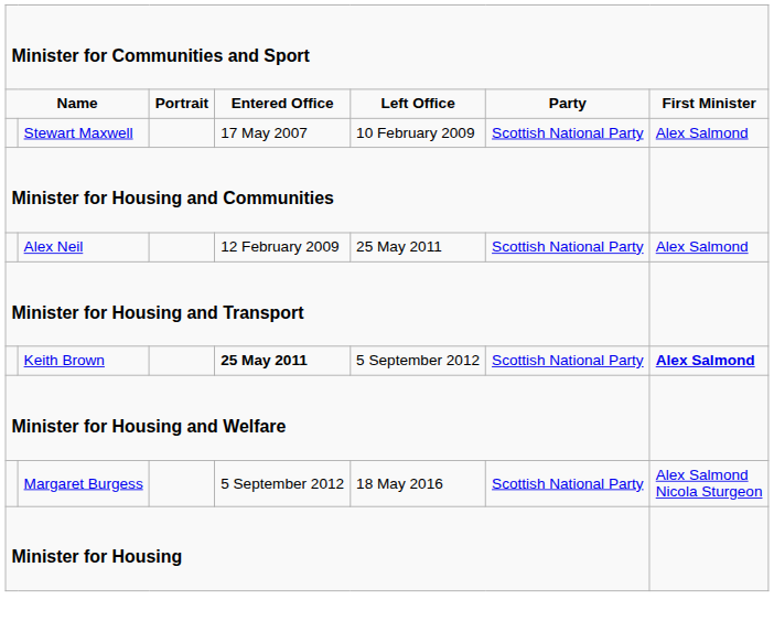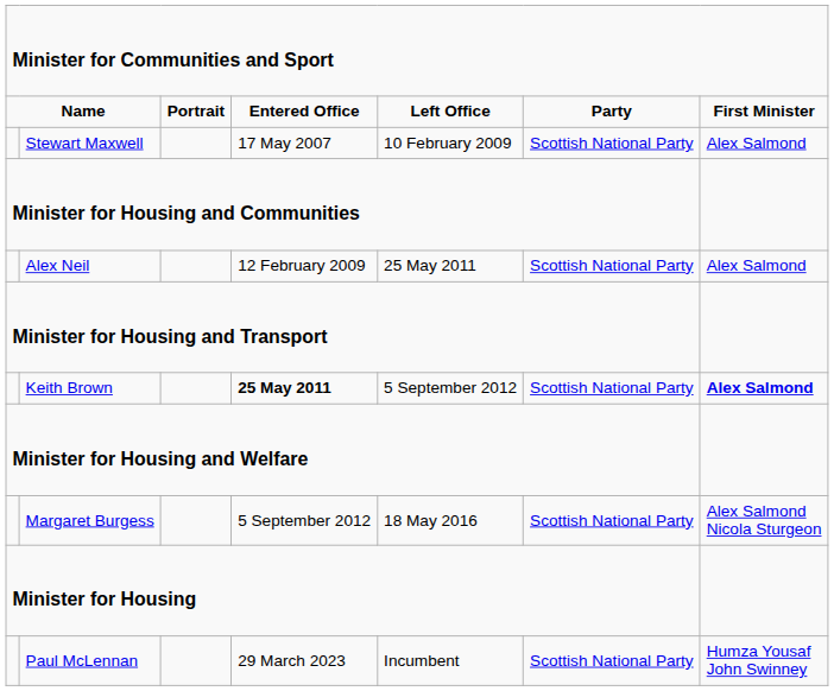 <table border="1" cellpadding="6" cellspacing="0" style="margin: 0 0 0 1em; background: #f9f9f9; border: 1px #aaaaaa solid; border-collapse: collapse; ">
 <tr>
 <td colspan="7"><br><h3>Minister for Communities and Sport</h3></td>
 </tr>
 <tr>
 <th colspan="2">Name</th>
 <th>Portrait</th>
 <th>Entered Office</th>
 <th>Left Office</th>
 <th>Party</th>
 <th>First Minister</th>
 </tr>
 <tr>
 <td></td>
 <td><a href='#'>Stewart Maxwell</a></td>
 <td></td>
 <td>17 May 2007</td>
 <td>10 February 2009</td>
 <td><a href='#'>Scottish National Party</a></td>
 <td><a href='#'>Alex Salmond</a></td>
 </tr>
 <tr>
 <td colspan="6"><br><h3>Minister for Housing and Communities</h3></td>
 </tr>
 <tr>
 <td></td>
 <td><a href='#'>Alex Neil</a></td>
 <td></td>
 <td>12 February 2009</td>
 <td>25 May 2011</td>
 <td><a href='#'>Scottish National Party</a></td>
 <td><a href='#'>Alex Salmond</a></td>
 </tr>
 <tr>
 <td colspan="6"><br><h3>Minister for Housing and Transport</h3></td>
 </tr>
 <tr>
 <td></td>
 <td><a href='#'>Keith Brown</a></td>
 <td></td>
 <td><strong>25 May 2011</strong></td>
 <td>5 September 2012</td>
 <td><a href='#'>Scottish National Party</a></td>
 <td><strong><a href='#'>Alex Salmond</a></strong></td>
 </tr>
 <tr>
 <td colspan="6"><br><h3>Minister for Housing and Welfare</h3></td>
 </tr>
 <tr>
 <td></td>
 <td><a href='#'>Margaret Burgess</a></td>
 <td></td>
 <td>5 September 2012</td>
 <td>18 May 2016</td>
 <td><a href='#'>Scottish National Party</a></td>
 <td><a href='#'>Alex Salmond</a> <br> <a href='#'>Nicola Sturgeon</a></td>
 </tr>
 <tr>
 <td colspan="6"><br><h3>Minister for Housing</h3></td>
 </tr>
+<tr>
+<td></td>
+<td><a href='#'>Paul McLennan</a></td>
+<td></td>
+<td>29 March 2023</td>
+<td>Incumbent</td>
+<td><a href='#'>Scottish National Party</a></td>
+<td><a href='#'>Humza Yousaf</a> <br> <a href='#'>John Swinney</a></td>
+</tr>
 </table>
